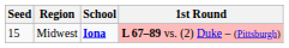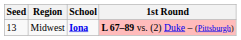 <table class="sortable wikitable" style="white-space:nowrap;">
 <tr>
 <th>Seed</th>
 <th>Region</th>
 <th>School</th>
 <th>1st Round</th>
 </tr>
 <tr>
-<td>15</td>
+<td>13</td>
 <td>Midwest</td>
 <td><strong><a href='#'>Iona</a></strong></td>
 <td style="background:#fbb;"><strong>L 67–89</strong> vs. (2) <a href='#'>Duke</a> – <small>(<a href='#'>Pittsburgh</a>)</small></td>
 </tr>
 </table>
